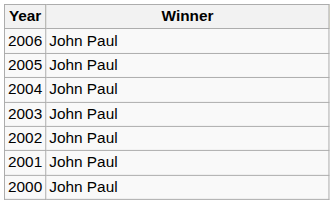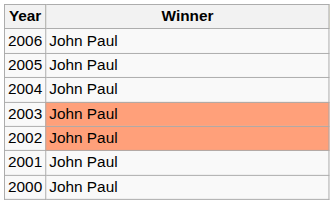 <table class="wikitable">
 <tr bgcolor=#bdb76b>
 <th style="width:2em;">Year</th>
 <th style="width:18em;">Winner</th>
 </tr>
 <tr>
 <td>2006</td>
 <td>John Paul</td>
 </tr>
 <tr>
 <td>2005</td>
 <td>John Paul</td>
 </tr>
 <tr>
 <td>2004</td>
 <td>John Paul</td>
 </tr>
 <tr>
 <td>2003</td>
-<td>John Paul</td>
+<td style="background: lightsalmon;">John Paul</td>
 </tr>
 <tr>
 <td>2002</td>
-<td>John Paul</td>
+<td style="background: lightsalmon;">John Paul</td>
 </tr>
 <tr>
 <td>2001</td>
 <td>John Paul</td>
 </tr>
 <tr>
 <td>2000</td>
 <td>John Paul</td>
 </tr>
 </table>
